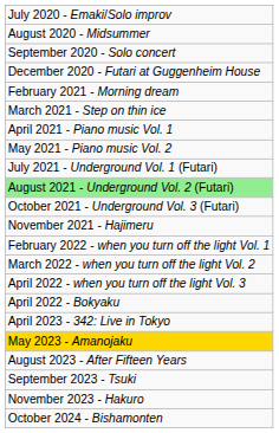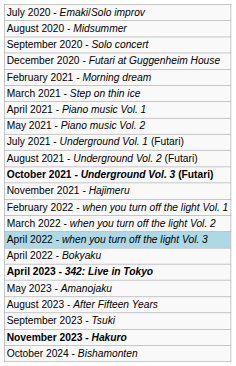 <table class="wikitable">
 <tr>
 <td>July 2020 - <em>Emaki</em>/<em>Solo improv</em></td>
 </tr>
 <tr>
 <td>August 2020 - <em>Midsummer</em></td>
 </tr>
 <tr>
 <td>September 2020 - <em>Solo concert</em></td>
 </tr>
 <tr>
 <td>December 2020 - <em>Futari at Guggenheim House</em></td>
 </tr>
 <tr>
 <td>February 2021 - <em>Morning dream</em></td>
 </tr>
 <tr>
 <td>March 2021 - <em>Step on thin ice</em></td>
 </tr>
 <tr>
 <td>April 2021 - <em>Piano music Vol. 1</em></td>
 </tr>
 <tr>
 <td>May 2021 - <em>Piano music Vol. 2</em></td>
 </tr>
 <tr>
 <td>July 2021 - <em>Underground Vol. 1</em> (Futari)</td>
 </tr>
 <tr>
-<td style="background: lightgreen;">August 2021 - <em>Underground Vol. 2</em> (Futari)</td>
+<td>August 2021 - <em>Underground Vol. 2</em> (Futari)</td>
 </tr>
 <tr>
-<td>October 2021 - <em>Underground Vol. 3</em> (Futari)</td>
+<td><strong>October 2021 - <em>Underground Vol. 3</em> (Futari)</strong></td>
 </tr>
 <tr>
 <td>November 2021 - <em>Hajimeru</em></td>
 </tr>
 <tr>
 <td>February 2022 - <em>when you turn off the light Vol. 1</em></td>
 </tr>
 <tr>
 <td>March 2022 - <em>when you turn off the light Vol. 2</em></td>
 </tr>
 <tr>
-<td>April 2022 - <em>when you turn off the light Vol. 3</em></td>
+<td style="background: lightblue;">April 2022 - <em>when you turn off the light Vol. 3</em></td>
 </tr>
 <tr>
 <td>April 2022 - <em>Bokyaku</em></td>
 </tr>
 <tr>
-<td>April 2023 - <em>342: Live in Tokyo</em></td>
+<td><strong>April 2023 - <em>342: Live in Tokyo</em></strong></td>
 </tr>
 <tr>
-<td style="background: gold;">May 2023 - <em>Amanojaku</em></td>
+<td>May 2023 - <em>Amanojaku</em></td>
 </tr>
 <tr>
 <td>August 2023 - <em>After Fifteen Years</em></td>
 </tr>
 <tr>
 <td>September 2023 - <em>Tsuki</em></td>
 </tr>
 <tr>
-<td>November 2023 - <em>Hakuro</em></td>
+<td><strong>November 2023 - <em>Hakuro</em></strong></td>
 </tr>
 <tr>
 <td>October 2024 - <em>Bishamonten</em></td>
 </tr>
 </table>
